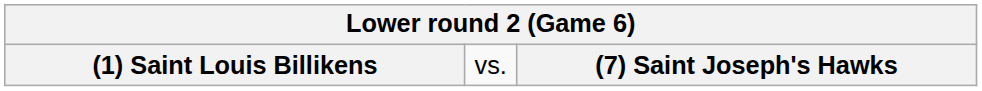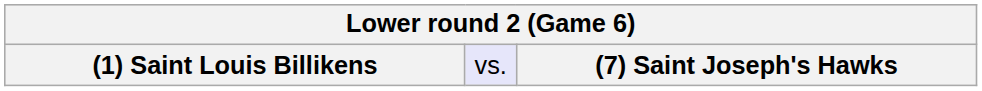 <table class="wikitable">
 <tr>
 <th style="width: 594px;" colspan=3>Lower round 2 (Game 6)</th>
 </tr>
 <tr>
 <th style="width: 284px; ">(1) Saint Louis Billikens</th>
-<td style="width: 25px; text-align:center">vs.</td>
+<td style="background: lavender; width: 25px; text-align:center">vs.</td>
 <th style="width: 284px; ">(7) Saint Joseph's Hawks</th>
 </tr>
 </table>
